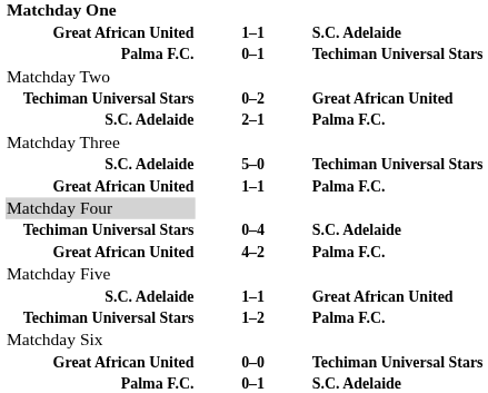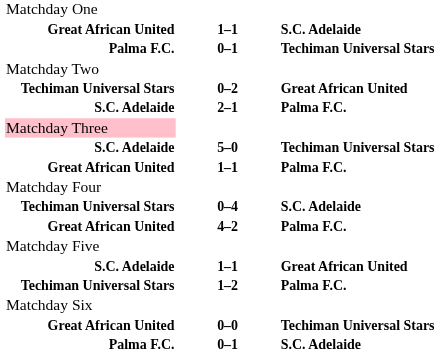 <table width=100% cellspacing=1>
 <tr>
 <th width=20%></th>
 <th width=12%></th>
 <th width=20%></th>
 <th></th>
 </tr>
 <tr>
-<td><strong>Matchday One</strong></td>
+<td>Matchday One</td>
 </tr>
 <tr style=font-size:90%>
 <td align=right><strong>Great African United</strong></td>
 <td align=center><strong>1–1</strong></td>
 <td><strong>S.C. Adelaide</strong></td>
 </tr>
 <tr style=font-size:90%>
 <td align=right><strong>Palma F.C.</strong></td>
 <td align=center><strong>0–1</strong></td>
 <td><strong>Techiman Universal Stars</strong></td>
 </tr>
 <tr>
 <td>Matchday Two</td>
 </tr>
 <tr style=font-size:90%>
 <td align=right><strong>Techiman Universal Stars</strong></td>
 <td align=center><strong>0–2</strong></td>
 <td><strong>Great African United</strong></td>
 </tr>
 <tr style=font-size:90%>
 <td align=right><strong>S.C. Adelaide</strong></td>
 <td align=center><strong>2–1</strong></td>
 <td><strong>Palma F.C.</strong></td>
 </tr>
 <tr>
-<td>Matchday Three</td>
+<td style="background: pink;">Matchday Three</td>
 </tr>
 <tr style=font-size:90%>
 <td align=right><strong>S.C. Adelaide</strong></td>
 <td align=center><strong>5–0</strong></td>
 <td><strong>Techiman Universal Stars</strong></td>
 </tr>
 <tr style=font-size:90%>
 <td align=right><strong>Great African United</strong></td>
 <td align=center><strong>1–1</strong></td>
 <td><strong>Palma F.C.</strong></td>
 </tr>
 <tr>
-<td style="background: lightgrey;">Matchday Four</td>
+<td>Matchday Four</td>
 </tr>
 <tr style=font-size:90%>
 <td align=right><strong>Techiman Universal Stars</strong></td>
 <td align=center><strong>0–4</strong></td>
 <td><strong>S.C. Adelaide</strong></td>
 </tr>
 <tr style=font-size:90%>
 <td align=right><strong>Great African United</strong></td>
 <td align=center><strong>4–2</strong></td>
 <td><strong>Palma F.C.</strong></td>
 </tr>
 <tr>
 <td>Matchday Five</td>
 </tr>
 <tr style=font-size:90%>
 <td align=right><strong>S.C. Adelaide</strong></td>
 <td align=center><strong>1–1</strong></td>
 <td><strong>Great African United</strong></td>
 </tr>
 <tr style=font-size:90%>
 <td align=right><strong>Techiman Universal Stars</strong></td>
 <td align=center><strong>1–2</strong></td>
 <td><strong>Palma F.C.</strong></td>
 </tr>
 <tr>
 <td>Matchday Six</td>
 </tr>
 <tr style=font-size:90%>
 <td align=right><strong>Great African United</strong></td>
 <td align=center><strong>0–0</strong></td>
 <td><strong>Techiman Universal Stars</strong></td>
 </tr>
 <tr style=font-size:90%>
 <td align=right><strong>Palma F.C.</strong></td>
 <td align=center><strong>0–1</strong></td>
 <td><strong>S.C. Adelaide</strong></td>
 </tr>
 </table>
